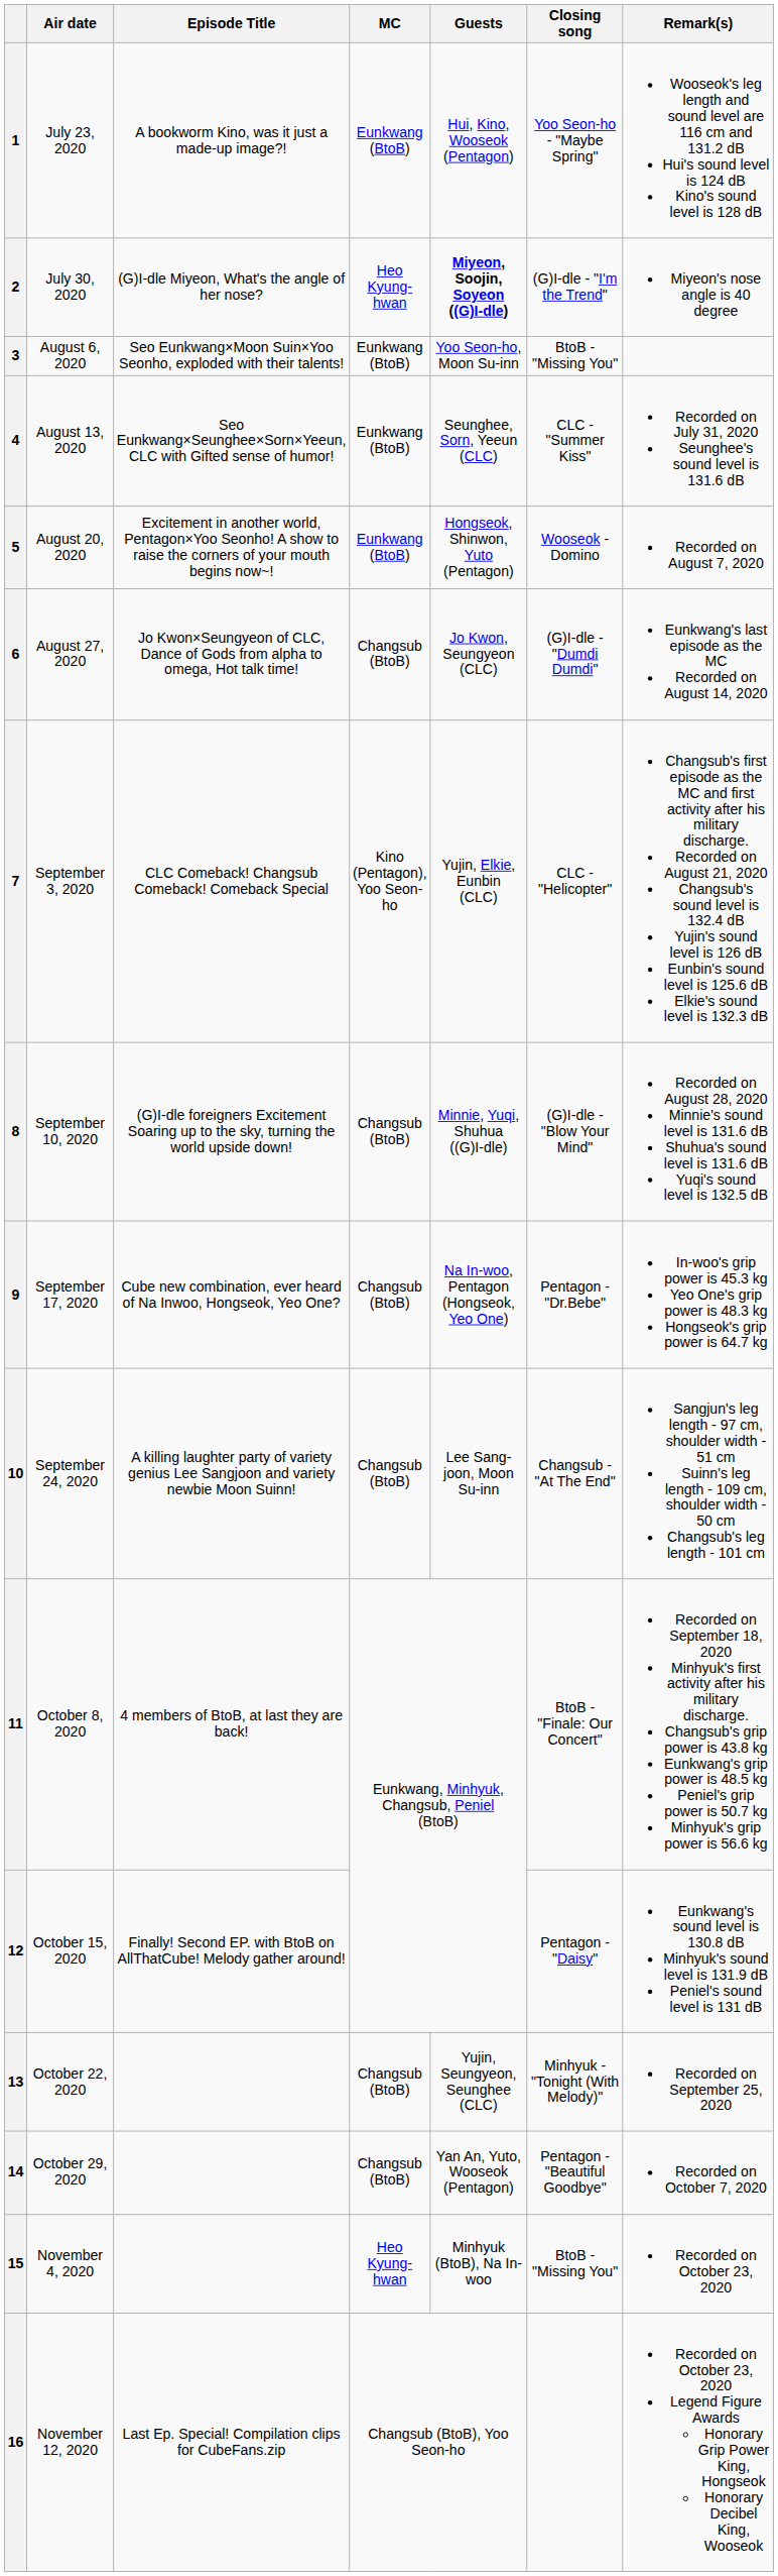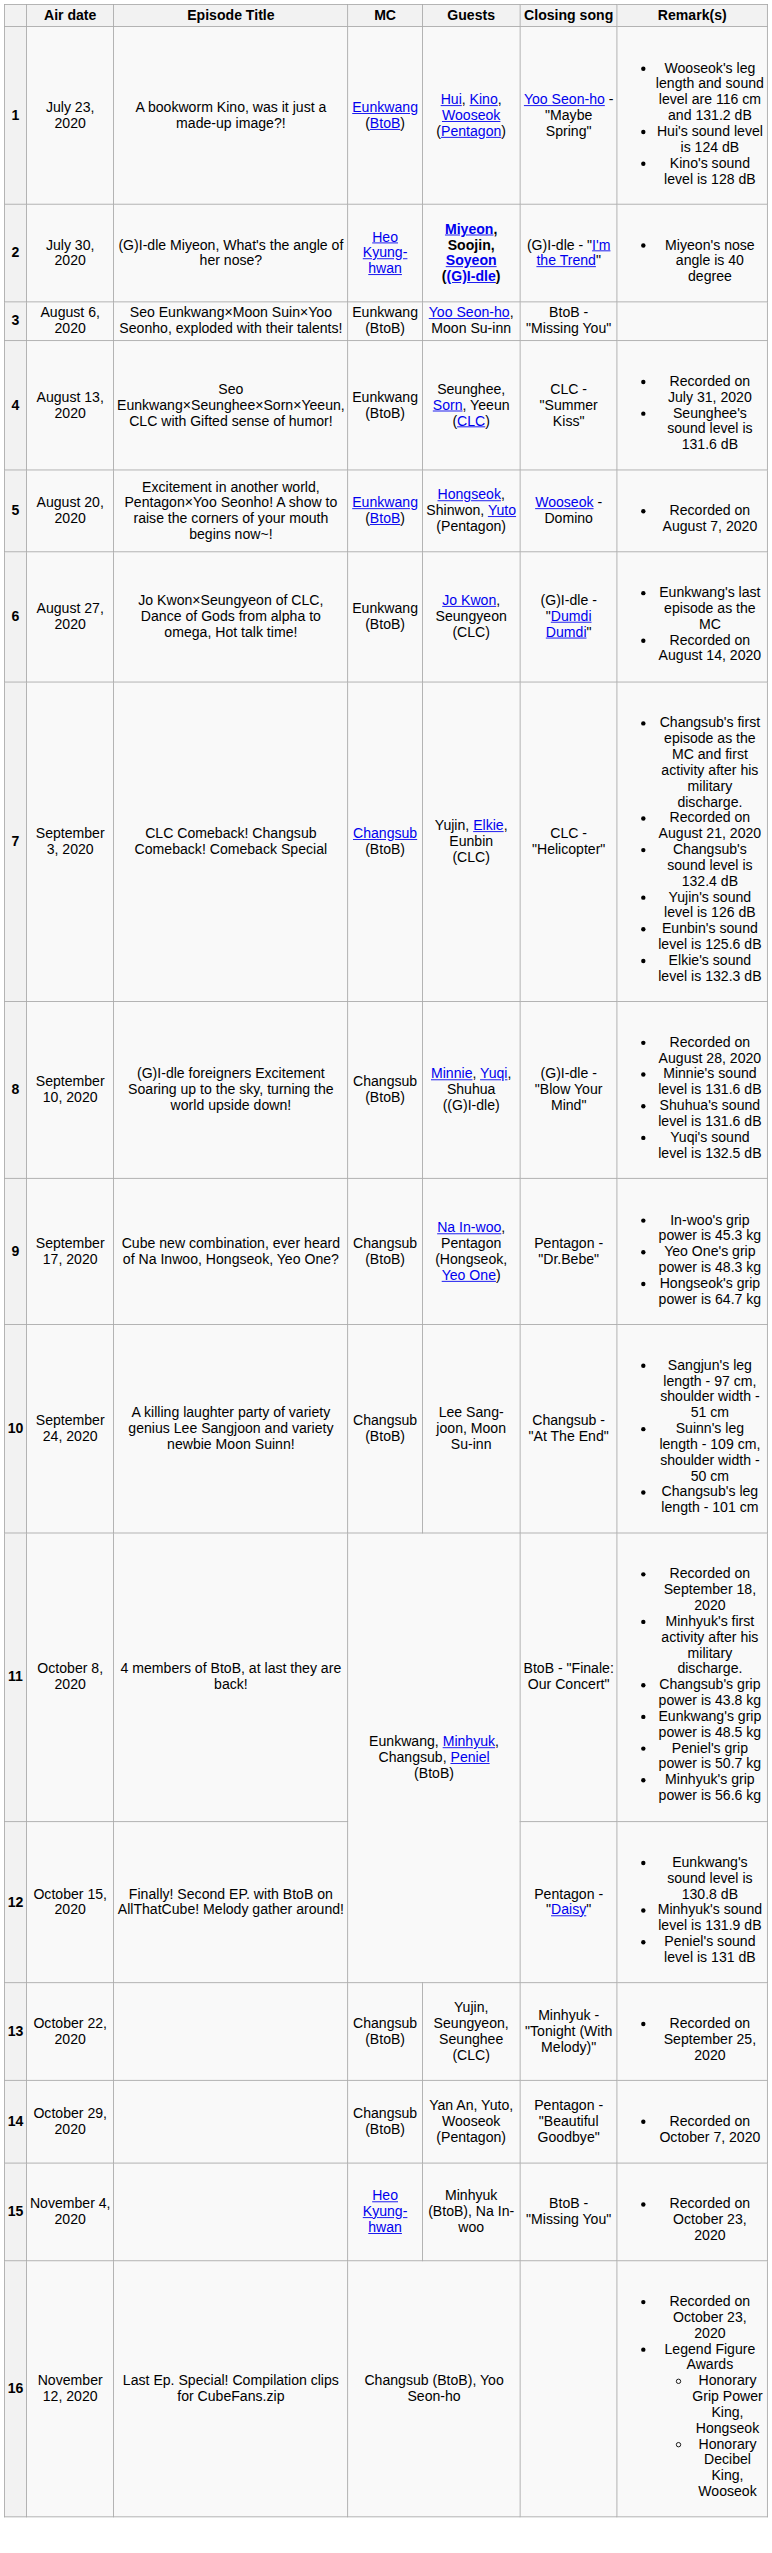 <table Class ="wikitable" style="text-align:center; style=font-size:80%">
 <tr>
 <th style="width: 1%"></th>
 <th style="width: 13%">Air date</th>
 <th style="width: 25%">Episode Title</th>
 <th style="width: 10%">MC</th>
 <th style="width: 15%">Guests</th>
 <th style="width: 15%">Closing song</th>
 <th style="width: 30%">Remark(s)</th>
 </tr>
 <tr>
 <th>1</th>
 <td>July 23, 2020</td>
 <td>A bookworm Kino, was it just a made-up image?!<br></td>
 <td><a href='#'>Eunkwang</a> <br>(<a href='#'>BtoB</a>)</td>
 <td><a href='#'>Hui</a>, <a href='#'>Kino</a>, <a href='#'>Wooseok</a> <br>(<a href='#'>Pentagon</a>)</td>
 <td><a href='#'>Yoo Seon-ho</a> - "Maybe Spring"</td>
 <td><br><ul><li>Wooseok's leg length and sound level are 116 cm and 131.2 dB</li><li>Hui's sound level is 124 dB</li><li>Kino's sound level is 128 dB</li></ul></td>
 </tr>
 <tr>
 <th>2</th>
 <td>July 30, 2020</td>
 <td>(G)I-dle Miyeon, What's the angle of her nose?<br></td>
 <td><a href='#'>Heo Kyung-hwan</a></td>
 <td><strong><a href='#'>Miyeon</a>, Soojin, <a href='#'>Soyeon</a><br>(<a href='#'>(G)I-dle</a>)</strong></td>
 <td>(G)I-dle - "<a href='#'>I'm the Trend</a>"</td>
 <td><br><ul><li>Miyeon's nose angle is 40 degree</li></ul></td>
 </tr>
 <tr>
 <th>3</th>
 <td>August 6, 2020</td>
 <td>Seo Eunkwang×Moon Suin×Yoo Seonho, exploded with their talents! <br></td>
 <td>Eunkwang <br>(BtoB)</td>
 <td><a href='#'>Yoo Seon-ho</a>, Moon Su-inn</td>
 <td>BtoB - "Missing You"</td>
 <td></td>
 </tr>
 <tr>
 <th>4</th>
 <td>August 13, 2020</td>
 <td>Seo Eunkwang×Seunghee×Sorn×Yeeun, CLC with Gifted sense of humor!<br></td>
 <td>Eunkwang <br>(BtoB)</td>
 <td>Seunghee, <a href='#'>Sorn</a>, Yeeun <br>(<a href='#'>CLC</a>)</td>
 <td>CLC - "Summer Kiss"</td>
 <td><br><ul><li>Recorded on July 31, 2020</li><li>Seunghee's sound level is 131.6 dB</li></ul></td>
 </tr>
 <tr>
 <th>5</th>
 <td>August 20, 2020</td>
 <td>Excitement in another world, Pentagon×Yoo Seonho! A show to raise the corners of your mouth begins now~!<br></td>
 <td><a href='#'>Eunkwang</a> <br>(<a href='#'>BtoB</a>)</td>
 <td><a href='#'>Hongseok</a>, Shinwon, <a href='#'>Yuto</a> <br>(Pentagon)</td>
 <td><a href='#'>Wooseok</a> - Domino</td>
 <td><br><ul><li>Recorded on August 7, 2020</li></ul></td>
 </tr>
 <tr>
 <th>6</th>
 <td>August 27, 2020</td>
 <td>Jo Kwon×Seungyeon of CLC, Dance of Gods from alpha to omega, Hot talk time!<br></td>
-<td>Changsub <br>(BtoB)</td>
+<td>Eunkwang <br>(BtoB)</td>
 <td><a href='#'>Jo Kwon</a>, Seungyeon (CLC)</td>
 <td>(G)I-dle - "<a href='#'>Dumdi Dumdi</a>"</td>
 <td><br><ul><li>Eunkwang's last episode as the MC</li><li>Recorded on August 14, 2020</li></ul></td>
 </tr>
 <tr>
 <th>7</th>
 <td>September 3, 2020</td>
 <td>CLC Comeback! Changsub Comeback! Comeback Special<br></td>
-<td>Kino (Pentagon), Yoo Seon-ho</td>
+<td><a href='#'>Changsub</a> <br>(BtoB)</td>
 <td>Yujin, <a href='#'>Elkie</a>, Eunbin <br>(CLC)</td>
 <td>CLC - "Helicopter"</td>
 <td><br><ul><li>Changsub's first episode as the MC and first activity after his military discharge.</li><li>Recorded on August 21, 2020</li><li>Changsub's sound level is 132.4 dB</li><li>Yujin's sound level is 126 dB</li><li>Eunbin's sound level is 125.6 dB</li><li>Elkie's sound level is 132.3 dB</li></ul></td>
 </tr>
 <tr>
 <th>8</th>
 <td>September 10, 2020</td>
 <td>(G)I-dle foreigners Excitement Soaring up to the sky, turning the world upside down!<br></td>
 <td>Changsub <br>(BtoB)</td>
 <td><a href='#'>Minnie</a>, <a href='#'>Yuqi</a>, Shuhua <br>((G)I-dle)</td>
 <td>(G)I-dle - "Blow Your Mind"</td>
 <td><br><ul><li>Recorded on August 28, 2020</li><li>Minnie's sound level is 131.6 dB</li><li>Shuhua's sound level is 131.6 dB</li><li>Yuqi's sound level is 132.5 dB</li></ul></td>
 </tr>
 <tr>
 <th>9</th>
 <td>September 17, 2020</td>
 <td>Cube new combination, ever heard of Na Inwoo, Hongseok, Yeo One?<br></td>
 <td>Changsub <br>(BtoB)</td>
 <td><a href='#'>Na In-woo</a>, Pentagon (Hongseok, <a href='#'>Yeo One</a>)</td>
 <td>Pentagon - "Dr.Bebe"</td>
 <td><br><ul><li>In-woo's grip power is 45.3 kg</li><li>Yeo One's grip power is 48.3 kg</li><li>Hongseok's grip power is 64.7 kg</li></ul></td>
 </tr>
 <tr>
 <th>10</th>
 <td>September 24, 2020</td>
 <td>A killing laughter party of variety genius Lee Sangjoon and variety newbie Moon Suinn!<br></td>
 <td>Changsub <br>(BtoB)</td>
 <td>Lee Sang-joon, Moon Su-inn</td>
 <td>Changsub - "At The End"</td>
 <td><br><ul><li>Sangjun's leg length - 97 cm, shoulder width - 51 cm</li><li>Suinn's leg length - 109 cm, shoulder width - 50 cm</li><li>Changsub's leg length - 101 cm</li></ul></td>
 </tr>
 <tr>
 <th>11</th>
 <td>October 8, 2020</td>
 <td>4 members of BtoB, at last they are back!<br></td>
 <td rowspan="2" colspan="2">Eunkwang, <a href='#'>Minhyuk</a>, Changsub, <a href='#'>Peniel</a><br>(BtoB)</td>
 <td>BtoB - "Finale: Our Concert"</td>
 <td><br><ul><li>Recorded on September 18, 2020</li><li>Minhyuk's first activity after his military discharge.</li><li>Changsub's grip power is 43.8 kg</li><li>Eunkwang's grip power is 48.5 kg</li><li>Peniel's grip power is 50.7 kg</li><li>Minhyuk's grip power is 56.6 kg</li></ul></td>
 </tr>
 <tr>
 <th>12</th>
 <td>October 15, 2020</td>
 <td>Finally! Second EP. with BtoB on AllThatCube! Melody gather around!<br></td>
 <td>Pentagon - "<a href='#'>Daisy</a>"</td>
 <td><br><ul><li>Eunkwang's sound level is 130.8 dB</li><li>Minhyuk's sound level is 131.9 dB</li><li>Peniel's sound level is  131 dB</li></ul></td>
 </tr>
 <tr>
 <th>13</th>
 <td>October 22, 2020</td>
 <td></td>
 <td>Changsub <br>(BtoB)</td>
 <td>Yujin, Seungyeon, Seunghee <br>(CLC)</td>
 <td>Minhyuk - "Tonight (With Melody)"</td>
 <td><br><ul><li>Recorded on September 25, 2020</li></ul></td>
 </tr>
 <tr>
 <th>14</th>
 <td>October 29, 2020</td>
 <td></td>
 <td>Changsub <br>(BtoB)</td>
 <td>Yan An, Yuto, Wooseok <br>(Pentagon)</td>
 <td>Pentagon - "Beautiful Goodbye"</td>
 <td><br><ul><li>Recorded on October 7, 2020</li></ul></td>
 </tr>
 <tr>
 <th>15</th>
 <td>November 4, 2020</td>
 <td></td>
 <td><a href='#'>Heo Kyung-hwan</a></td>
 <td>Minhyuk (BtoB), Na In-woo</td>
 <td>BtoB - "Missing You"</td>
 <td><br><ul><li>Recorded on October 23, 2020</li></ul></td>
 </tr>
 <tr>
 <th>16</th>
 <td>November 12, 2020</td>
 <td>Last Ep. Special! Compilation clips for CubeFans.zip<br></td>
 <td rowspan="2" colspan="2">Changsub (BtoB), Yoo Seon-ho</td>
 <td></td>
 <td><br><ul><li>Recorded on October 23, 2020</li><li>Legend Figure Awards<ul><li>Honorary Grip Power King, Hongseok</li><li>Honorary Decibel King, Wooseok</li></ul></li></ul></td>
 </tr>
 </table>
